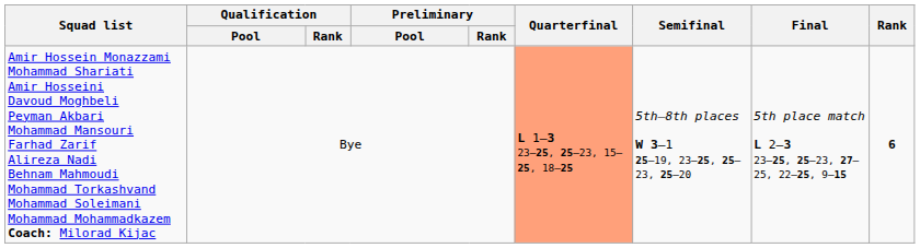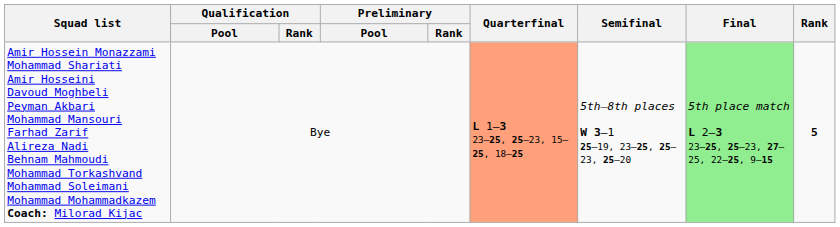 <table class="wikitable" width="98%" style="text-align:left; font-size:90%">
 <tr>
 <th rowspan="2" width="20%">Squad list</th>
 <th colspan="2">Qualification</th>
 <th colspan="2">Preliminary</th>
 <th rowspan="2" width="13%">Quarterfinal</th>
 <th rowspan="2" width="13%">Semifinal</th>
 <th rowspan="2" width="13%">Final</th>
 <th rowspan="2" width="5%">Rank</th>
 </tr>
 <tr>
 <th width="13%">Pool</th>
 <th width="5%">Rank</th>
 <th width="13%">Pool</th>
 <th width="5%">Rank</th>
 </tr>
 <tr>
 <td><a href='#'>Amir Hossein Monazzami</a><br><a href='#'>Mohammad Shariati</a><br><a href='#'>Amir Hosseini</a><br><a href='#'>Davoud Moghbeli</a><br><a href='#'>Peyman Akbari</a><br><a href='#'>Mohammad Mansouri</a><br><a href='#'>Farhad Zarif</a><br><a href='#'>Alireza Nadi</a><br><a href='#'>Behnam Mahmoudi</a><br><a href='#'>Mohammad Torkashvand</a><br><a href='#'>Mohammad Soleimani</a><br><a href='#'>Mohammad Mohammadkazem</a><br> <strong>Coach:</strong>  <a href='#'>Milorad Kijac</a></td>
 <td align="center"  colspan="4">Bye</td>
 <td style="background: lightsalmon;"><br><strong>L</strong> 1–<strong>3</strong><br><small>23–<strong>25</strong>, <strong>25</strong>–23, 15–<strong>25</strong>, 18–<strong>25</strong></small></td>
 <td><em>5th–8th places</em><br><br><strong>W</strong> <strong>3</strong>–1<br><small><strong>25</strong>–19, 23–<strong>25</strong>, <strong>25</strong>–23, <strong>25</strong>–20</small></td>
-<td><em>5th place match</em><br><br><strong>L</strong> 2–<strong>3</strong><br><small>23–<strong>25</strong>, <strong>25</strong>–23, <strong>27</strong>–25, 22–<strong>25</strong>, 9–<strong>15</strong></small></td>
-<td align="center"><strong>6</strong></td>
+<td style="background: lightgreen;"><em>5th place match</em><br><br><strong>L</strong> 2–<strong>3</strong><br><small>23–<strong>25</strong>, <strong>25</strong>–23, <strong>27</strong>–25, 22–<strong>25</strong>, 9–<strong>15</strong></small></td>
+<td align="center"><strong>5</strong></td>
 </tr>
 </table>
